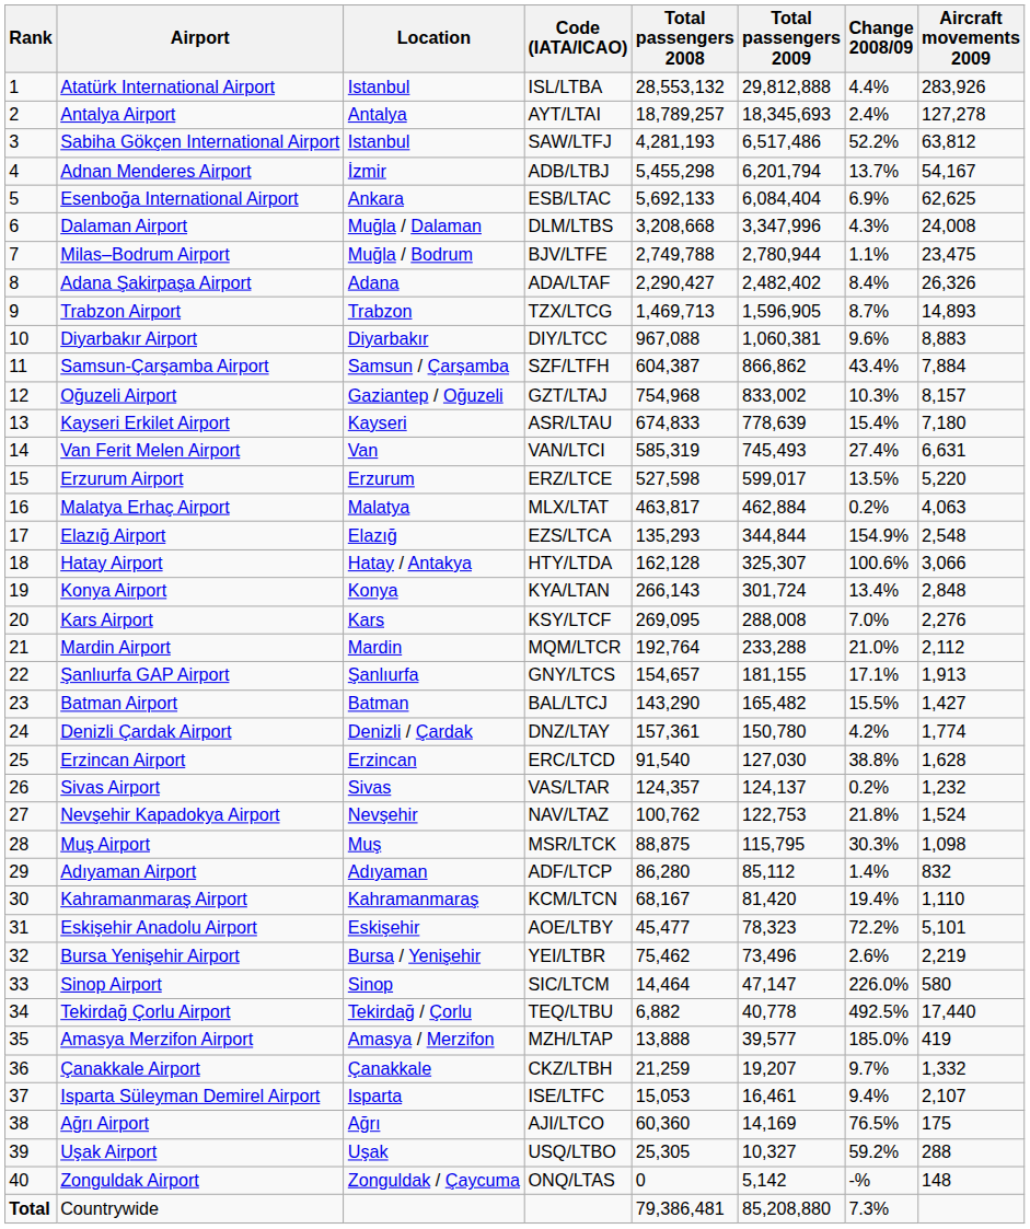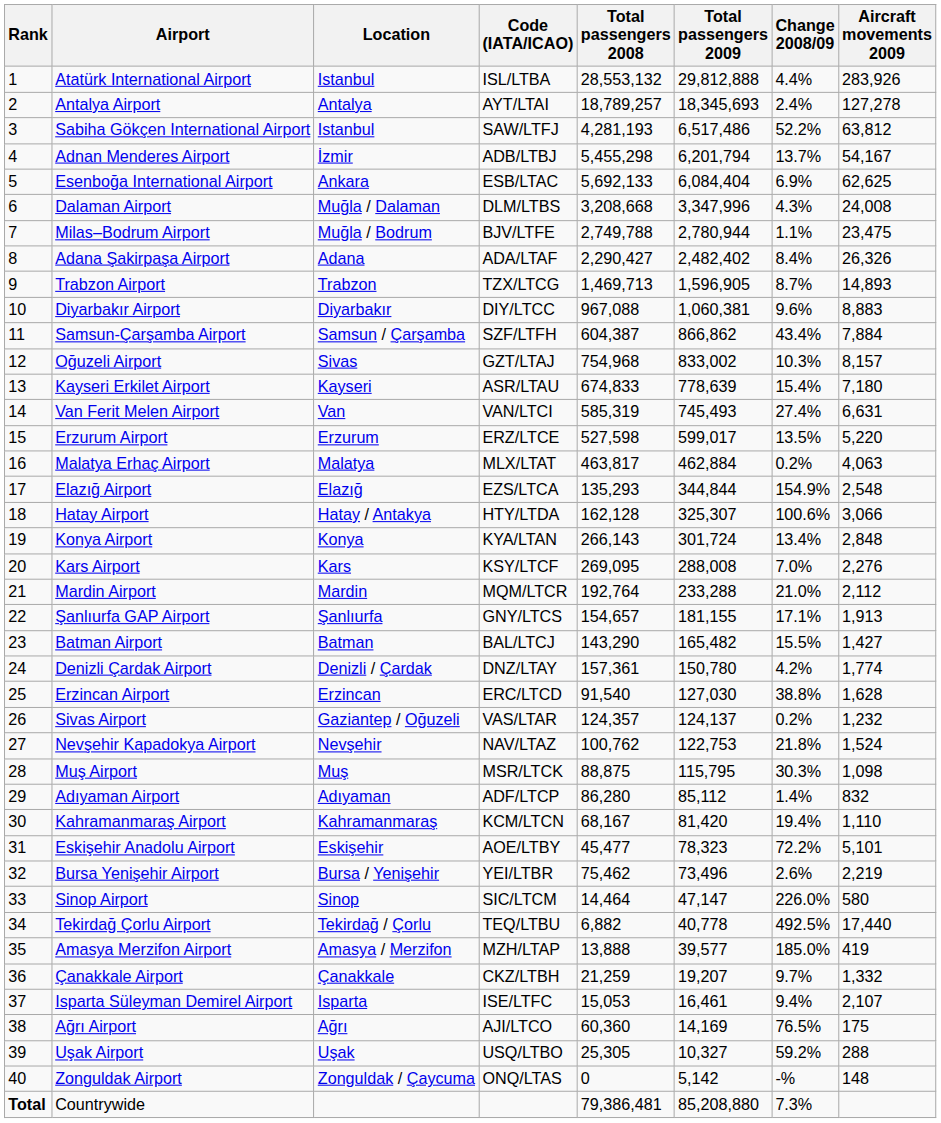 <table class="wikitable sortable">
 <tr>
 <th>Rank</th>
 <th>Airport</th>
 <th>Location</th>
 <th>Code<br>(IATA/ICAO)</th>
 <th>Total<br>passengers<br>2008</th>
 <th>Total<br>passengers<br>2009</th>
 <th>Change<br>2008/09</th>
 <th>Aircraft<br>movements<br>2009</th>
 </tr>
 <tr>
 <td>1</td>
 <td><a href='#'>Atatürk International Airport</a></td>
 <td><a href='#'>Istanbul</a></td>
 <td>ISL/LTBA</td>
 <td>28,553,132</td>
 <td>29,812,888</td>
 <td>4.4%</td>
 <td>283,926</td>
 </tr>
 <tr>
 <td>2</td>
 <td><a href='#'>Antalya Airport</a></td>
 <td><a href='#'>Antalya</a></td>
 <td>AYT/LTAI</td>
 <td>18,789,257</td>
 <td>18,345,693</td>
 <td>2.4%</td>
 <td>127,278</td>
 </tr>
 <tr>
 <td>3</td>
 <td><a href='#'>Sabiha Gökçen International Airport</a></td>
 <td><a href='#'>Istanbul</a></td>
 <td>SAW/LTFJ</td>
 <td>4,281,193</td>
 <td>6,517,486</td>
 <td>52.2%</td>
 <td>63,812</td>
 </tr>
 <tr>
 <td>4</td>
 <td><a href='#'>Adnan Menderes Airport</a></td>
 <td><a href='#'>İzmir</a></td>
 <td>ADB/LTBJ</td>
 <td>5,455,298</td>
 <td>6,201,794</td>
 <td>13.7%</td>
 <td>54,167</td>
 </tr>
 <tr>
 <td>5</td>
 <td><a href='#'>Esenboğa International Airport</a></td>
 <td><a href='#'>Ankara</a></td>
 <td>ESB/LTAC</td>
 <td>5,692,133</td>
 <td>6,084,404</td>
 <td>6.9%</td>
 <td>62,625</td>
 </tr>
 <tr>
 <td>6</td>
 <td><a href='#'>Dalaman Airport</a></td>
 <td><a href='#'>Muğla</a> / <a href='#'>Dalaman</a></td>
 <td>DLM/LTBS</td>
 <td>3,208,668</td>
 <td>3,347,996</td>
 <td>4.3%</td>
 <td>24,008</td>
 </tr>
 <tr>
 <td>7</td>
 <td><a href='#'>Milas–Bodrum Airport</a></td>
 <td><a href='#'>Muğla</a> / <a href='#'>Bodrum</a></td>
 <td>BJV/LTFE</td>
 <td>2,749,788</td>
 <td>2,780,944</td>
 <td>1.1%</td>
 <td>23,475</td>
 </tr>
 <tr>
 <td>8</td>
 <td><a href='#'>Adana Şakirpaşa Airport</a></td>
 <td><a href='#'>Adana</a></td>
 <td>ADA/LTAF</td>
 <td>2,290,427</td>
 <td>2,482,402</td>
 <td>8.4%</td>
 <td>26,326</td>
 </tr>
 <tr>
 <td>9</td>
 <td><a href='#'>Trabzon Airport</a></td>
 <td><a href='#'>Trabzon</a></td>
 <td>TZX/LTCG</td>
 <td>1,469,713</td>
 <td>1,596,905</td>
 <td>8.7%</td>
 <td>14,893</td>
 </tr>
 <tr>
 <td>10</td>
 <td><a href='#'>Diyarbakır Airport</a></td>
 <td><a href='#'>Diyarbakır</a></td>
 <td>DIY/LTCC</td>
 <td>967,088</td>
 <td>1,060,381</td>
 <td>9.6%</td>
 <td>8,883</td>
 </tr>
 <tr>
 <td>11</td>
 <td><a href='#'>Samsun-Çarşamba Airport</a></td>
 <td><a href='#'>Samsun</a> / <a href='#'>Çarşamba</a></td>
 <td>SZF/LTFH</td>
 <td>604,387</td>
 <td>866,862</td>
 <td>43.4%</td>
 <td>7,884</td>
 </tr>
 <tr>
 <td>12</td>
 <td><a href='#'>Oğuzeli Airport</a></td>
-<td><a href='#'>Gaziantep</a> / <a href='#'>Oğuzeli</a></td>
+<td><a href='#'>Sivas</a></td>
 <td>GZT/LTAJ</td>
 <td>754,968</td>
 <td>833,002</td>
 <td>10.3%</td>
 <td>8,157</td>
 </tr>
 <tr>
 <td>13</td>
 <td><a href='#'>Kayseri Erkilet Airport</a></td>
 <td><a href='#'>Kayseri</a></td>
 <td>ASR/LTAU</td>
 <td>674,833</td>
 <td>778,639</td>
 <td>15.4%</td>
 <td>7,180</td>
 </tr>
 <tr>
 <td>14</td>
 <td><a href='#'>Van Ferit Melen Airport</a></td>
 <td><a href='#'>Van</a></td>
 <td>VAN/LTCI</td>
 <td>585,319</td>
 <td>745,493</td>
 <td>27.4%</td>
 <td>6,631</td>
 </tr>
 <tr>
 <td>15</td>
 <td><a href='#'>Erzurum Airport</a></td>
 <td><a href='#'>Erzurum</a></td>
 <td>ERZ/LTCE</td>
 <td>527,598</td>
 <td>599,017</td>
 <td>13.5%</td>
 <td>5,220</td>
 </tr>
 <tr>
 <td>16</td>
 <td><a href='#'>Malatya Erhaç Airport</a></td>
 <td><a href='#'>Malatya</a></td>
 <td>MLX/LTAT</td>
 <td>463,817</td>
 <td>462,884</td>
 <td>0.2%</td>
 <td>4,063</td>
 </tr>
 <tr>
 <td>17</td>
 <td><a href='#'>Elazığ Airport</a></td>
 <td><a href='#'>Elazığ</a></td>
 <td>EZS/LTCA</td>
 <td>135,293</td>
 <td>344,844</td>
 <td>154.9%</td>
 <td>2,548</td>
 </tr>
 <tr>
 <td>18</td>
 <td><a href='#'>Hatay Airport</a></td>
 <td><a href='#'>Hatay</a> / <a href='#'>Antakya</a></td>
 <td>HTY/LTDA</td>
 <td>162,128</td>
 <td>325,307</td>
 <td>100.6%</td>
 <td>3,066</td>
 </tr>
 <tr>
 <td>19</td>
 <td><a href='#'>Konya Airport</a></td>
 <td><a href='#'>Konya</a></td>
 <td>KYA/LTAN</td>
 <td>266,143</td>
 <td>301,724</td>
 <td>13.4%</td>
 <td>2,848</td>
 </tr>
 <tr>
 <td>20</td>
 <td><a href='#'>Kars Airport</a></td>
 <td><a href='#'>Kars</a></td>
 <td>KSY/LTCF</td>
 <td>269,095</td>
 <td>288,008</td>
 <td>7.0%</td>
 <td>2,276</td>
 </tr>
 <tr>
 <td>21</td>
 <td><a href='#'>Mardin Airport</a></td>
 <td><a href='#'>Mardin</a></td>
 <td>MQM/LTCR</td>
 <td>192,764</td>
 <td>233,288</td>
 <td>21.0%</td>
 <td>2,112</td>
 </tr>
 <tr>
 <td>22</td>
 <td><a href='#'>Şanlıurfa GAP Airport</a></td>
 <td><a href='#'>Şanlıurfa</a></td>
 <td>GNY/LTCS</td>
 <td>154,657</td>
 <td>181,155</td>
 <td>17.1%</td>
 <td>1,913</td>
 </tr>
 <tr>
 <td>23</td>
 <td><a href='#'>Batman Airport</a></td>
 <td><a href='#'>Batman</a></td>
 <td>BAL/LTCJ</td>
 <td>143,290</td>
 <td>165,482</td>
 <td>15.5%</td>
 <td>1,427</td>
 </tr>
 <tr>
 <td>24</td>
 <td><a href='#'>Denizli Çardak Airport</a></td>
 <td><a href='#'>Denizli</a> / <a href='#'>Çardak</a></td>
 <td>DNZ/LTAY</td>
 <td>157,361</td>
 <td>150,780</td>
 <td>4.2%</td>
 <td>1,774</td>
 </tr>
 <tr>
 <td>25</td>
 <td><a href='#'>Erzincan Airport</a></td>
 <td><a href='#'>Erzincan</a></td>
 <td>ERC/LTCD</td>
 <td>91,540</td>
 <td>127,030</td>
 <td>38.8%</td>
 <td>1,628</td>
 </tr>
 <tr>
 <td>26</td>
 <td><a href='#'>Sivas Airport</a></td>
-<td><a href='#'>Sivas</a></td>
+<td><a href='#'>Gaziantep</a> / <a href='#'>Oğuzeli</a></td>
 <td>VAS/LTAR</td>
 <td>124,357</td>
 <td>124,137</td>
 <td>0.2%</td>
 <td>1,232</td>
 </tr>
 <tr>
 <td>27</td>
 <td><a href='#'>Nevşehir Kapadokya Airport</a></td>
 <td><a href='#'>Nevşehir</a></td>
 <td>NAV/LTAZ</td>
 <td>100,762</td>
 <td>122,753</td>
 <td>21.8%</td>
 <td>1,524</td>
 </tr>
 <tr>
 <td>28</td>
 <td><a href='#'>Muş Airport</a></td>
 <td><a href='#'>Muş</a></td>
 <td>MSR/LTCK</td>
 <td>88,875</td>
 <td>115,795</td>
 <td>30.3%</td>
 <td>1,098</td>
 </tr>
 <tr>
 <td>29</td>
 <td><a href='#'>Adıyaman Airport</a></td>
 <td><a href='#'>Adıyaman</a></td>
 <td>ADF/LTCP</td>
 <td>86,280</td>
 <td>85,112</td>
 <td>1.4%</td>
 <td>832</td>
 </tr>
 <tr>
 <td>30</td>
 <td><a href='#'>Kahramanmaraş Airport</a></td>
 <td><a href='#'>Kahramanmaraş</a></td>
 <td>KCM/LTCN</td>
 <td>68,167</td>
 <td>81,420</td>
 <td>19.4%</td>
 <td>1,110</td>
 </tr>
 <tr>
 <td>31</td>
 <td><a href='#'>Eskişehir Anadolu Airport</a></td>
 <td><a href='#'>Eskişehir</a></td>
 <td>AOE/LTBY</td>
 <td>45,477</td>
 <td>78,323</td>
 <td>72.2%</td>
 <td>5,101</td>
 </tr>
 <tr>
 <td>32</td>
 <td><a href='#'>Bursa Yenişehir Airport</a></td>
 <td><a href='#'>Bursa</a> / <a href='#'>Yenişehir</a></td>
 <td>YEI/LTBR</td>
 <td>75,462</td>
 <td>73,496</td>
 <td>2.6%</td>
 <td>2,219</td>
 </tr>
 <tr>
 <td>33</td>
 <td><a href='#'>Sinop Airport</a></td>
 <td><a href='#'>Sinop</a></td>
 <td>SIC/LTCM</td>
 <td>14,464</td>
 <td>47,147</td>
 <td>226.0%</td>
 <td>580</td>
 </tr>
 <tr>
 <td>34</td>
 <td><a href='#'>Tekirdağ Çorlu Airport</a></td>
 <td><a href='#'>Tekirdağ</a> / <a href='#'>Çorlu</a></td>
 <td>TEQ/LTBU</td>
 <td>6,882</td>
 <td>40,778</td>
 <td>492.5%</td>
 <td>17,440</td>
 </tr>
 <tr>
 <td>35</td>
 <td><a href='#'>Amasya Merzifon Airport</a></td>
 <td><a href='#'>Amasya</a> / <a href='#'>Merzifon</a></td>
 <td>MZH/LTAP</td>
 <td>13,888</td>
 <td>39,577</td>
 <td>185.0%</td>
 <td>419</td>
 </tr>
 <tr>
 <td>36</td>
 <td><a href='#'>Çanakkale Airport</a></td>
 <td><a href='#'>Çanakkale</a></td>
 <td>CKZ/LTBH</td>
 <td>21,259</td>
 <td>19,207</td>
 <td>9.7%</td>
 <td>1,332</td>
 </tr>
 <tr>
 <td>37</td>
 <td><a href='#'>Isparta Süleyman Demirel Airport</a></td>
 <td><a href='#'>Isparta</a></td>
 <td>ISE/LTFC</td>
 <td>15,053</td>
 <td>16,461</td>
 <td>9.4%</td>
 <td>2,107</td>
 </tr>
 <tr>
 <td>38</td>
 <td><a href='#'>Ağrı Airport</a></td>
 <td><a href='#'>Ağrı</a></td>
 <td>AJI/LTCO</td>
 <td>60,360</td>
 <td>14,169</td>
 <td>76.5%</td>
 <td>175</td>
 </tr>
 <tr>
 <td>39</td>
 <td><a href='#'>Uşak Airport</a></td>
 <td><a href='#'>Uşak</a></td>
 <td>USQ/LTBO</td>
 <td>25,305</td>
 <td>10,327</td>
 <td>59.2%</td>
 <td>288</td>
 </tr>
 <tr>
 <td>40</td>
 <td><a href='#'>Zonguldak Airport</a></td>
 <td><a href='#'>Zonguldak</a> / <a href='#'>Çaycuma</a></td>
 <td>ONQ/LTAS</td>
 <td>0</td>
 <td>5,142</td>
 <td>-%</td>
 <td>148</td>
 </tr>
 <tr>
 <td><strong>Total</strong></td>
 <td>Countrywide</td>
 <td></td>
 <td></td>
 <td>79,386,481</td>
 <td>85,208,880</td>
 <td>7.3%</td>
 <td></td>
 </tr>
 </table>
